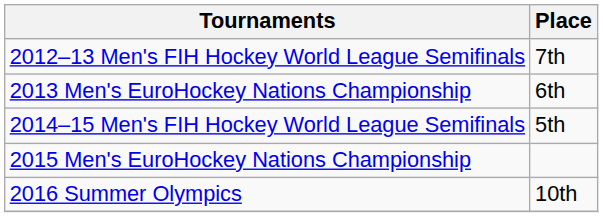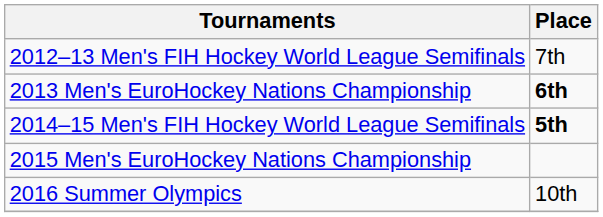 <table class="wikitable collapsible">
 <tr>
 <th>Tournaments</th>
 <th>Place</th>
 </tr>
 <tr>
 <td><a href='#'>2012–13 Men's FIH Hockey World League Semifinals</a></td>
 <td>7th</td>
 </tr>
 <tr>
 <td><a href='#'>2013 Men's EuroHockey Nations Championship</a></td>
-<td>6th</td>
+<td><strong>6th</strong></td>
 </tr>
 <tr>
 <td><a href='#'>2014–15 Men's FIH Hockey World League Semifinals</a></td>
-<td>5th</td>
+<td><strong>5th</strong></td>
 </tr>
 <tr>
 <td><a href='#'>2015 Men's EuroHockey Nations Championship</a></td>
 <td></td>
 </tr>
 <tr>
 <td><a href='#'>2016 Summer Olympics</a></td>
 <td>10th</td>
 </tr>
 <tr>
 </tr>
 </table>
